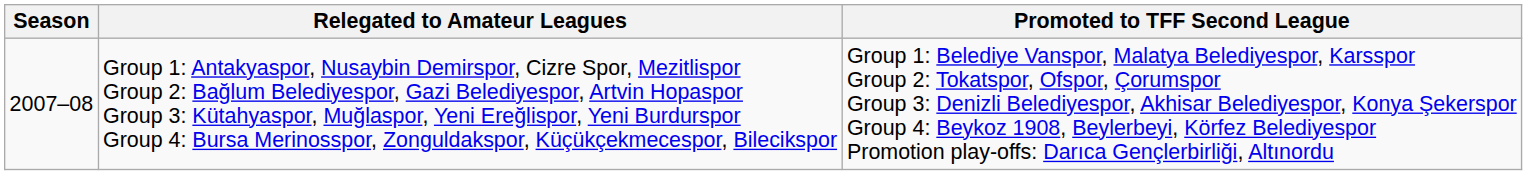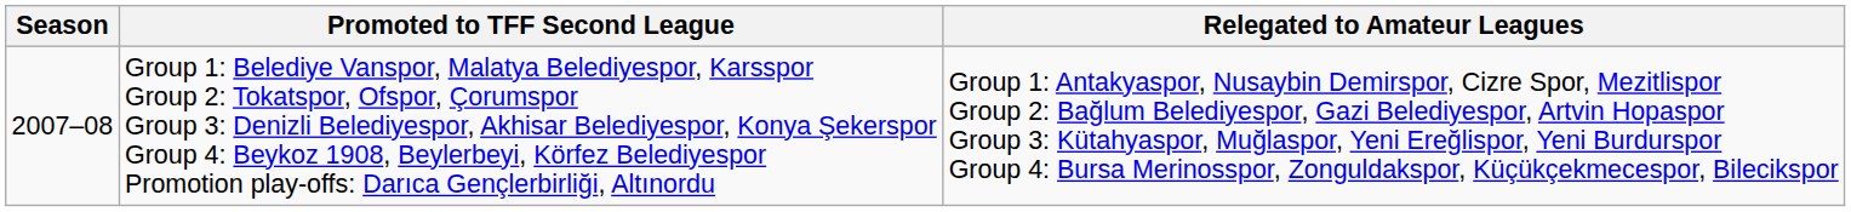 <table class="wikitable">
 <tr>
 <th>Season</th>
+<th>Promoted to TFF Second League</th>
 <th>Relegated to Amateur Leagues</th>
-<th>Promoted to TFF Second League</th>
 </tr>
 <tr>
 <td>2007–08</td>
+<td>Group 1: <a href='#'>Belediye Vanspor</a>, <a href='#'>Malatya Belediyespor</a>, <a href='#'>Karsspor</a><br>Group 2: <a href='#'>Tokatspor</a>, <a href='#'>Ofspor</a>, <a href='#'>Çorumspor</a><br>Group 3: <a href='#'>Denizli Belediyespor</a>, <a href='#'>Akhisar Belediyespor</a>, <a href='#'>Konya Şekerspor</a><br>Group 4: <a href='#'>Beykoz 1908</a>, <a href='#'>Beylerbeyi</a>, <a href='#'>Körfez Belediyespor</a><br>Promotion play-offs: <a href='#'>Darıca Gençlerbirliği</a>, <a href='#'>Altınordu</a></td>
 <td>Group 1: <a href='#'>Antakyaspor</a>, <a href='#'>Nusaybin Demirspor</a>, Cizre Spor, <a href='#'>Mezitlispor</a><br> Group 2: <a href='#'>Bağlum Belediyespor</a>, <a href='#'>Gazi Belediyespor</a>, <a href='#'>Artvin Hopaspor</a><br> Group 3: <a href='#'>Kütahyaspor</a>, <a href='#'>Muğlaspor</a>, <a href='#'>Yeni Ereğlispor</a>, <a href='#'>Yeni Burdurspor</a><br> Group 4: <a href='#'>Bursa Merinosspor</a>, <a href='#'>Zonguldakspor</a>, <a href='#'>Küçükçekmecespor</a>, <a href='#'>Bilecikspor</a></td>
-<td>Group 1: <a href='#'>Belediye Vanspor</a>, <a href='#'>Malatya Belediyespor</a>, <a href='#'>Karsspor</a><br>Group 2: <a href='#'>Tokatspor</a>, <a href='#'>Ofspor</a>, <a href='#'>Çorumspor</a><br>Group 3: <a href='#'>Denizli Belediyespor</a>, <a href='#'>Akhisar Belediyespor</a>, <a href='#'>Konya Şekerspor</a><br>Group 4: <a href='#'>Beykoz 1908</a>, <a href='#'>Beylerbeyi</a>, <a href='#'>Körfez Belediyespor</a><br>Promotion play-offs: <a href='#'>Darıca Gençlerbirliği</a>, <a href='#'>Altınordu</a></td>
 </tr>
 </table>
